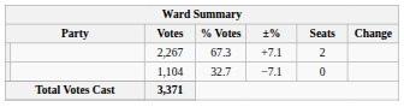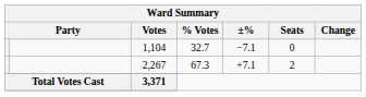 <table class="wikitable" style="font-size: 95%;">
 <tr style="background-color:#E9E9E9">
 <th colspan="7">Ward Summary</th>
 </tr>
 <tr style="background-color:#E9E9E9">
 <th colspan="2">Party</th>
 <th style="width: 60px">Votes</th>
 <th style="width: 60px">% Votes</th>
 <th style="width: 60px">±%</th>
 <th style="width: 60px">Seats</th>
 <th style="width: 60px">Change</th>
 </tr>
 <tr>
 <th style="background-color: "></th>
 <td style="width: 170px"><a href='#'></a></td>
-<td align="center">2,267</td>
-<td align="center">67.3</td>
-<td align="center">+7.1</td>
-<td align="center">2</td>
+<td align="center">1,104</td>
+<td align="center">32.7</td>
+<td align="center">−7.1</td>
+<td align="center">0</td>
 <td align="center"></td>
 </tr>
 <tr>
 <th style="background-color: "></th>
 <td style="width: 170px"><a href='#'></a></td>
-<td align="center">1,104</td>
-<td align="center">32.7</td>
-<td align="center">−7.1</td>
-<td align="center">0</td>
+<td align="center">2,267</td>
+<td align="center">67.3</td>
+<td align="center">+7.1</td>
+<td align="center">2</td>
 <td align="center"></td>
 </tr>
 <tr>
 </tr>
 <tr style="background-color:#E9E9E9">
 <th colspan="2">Total Votes Cast</th>
 <th style="width: 60px">3,371</th>
 </tr>
 <tr style="background-color:#E9E9E9">
 </tr>
 </table>
